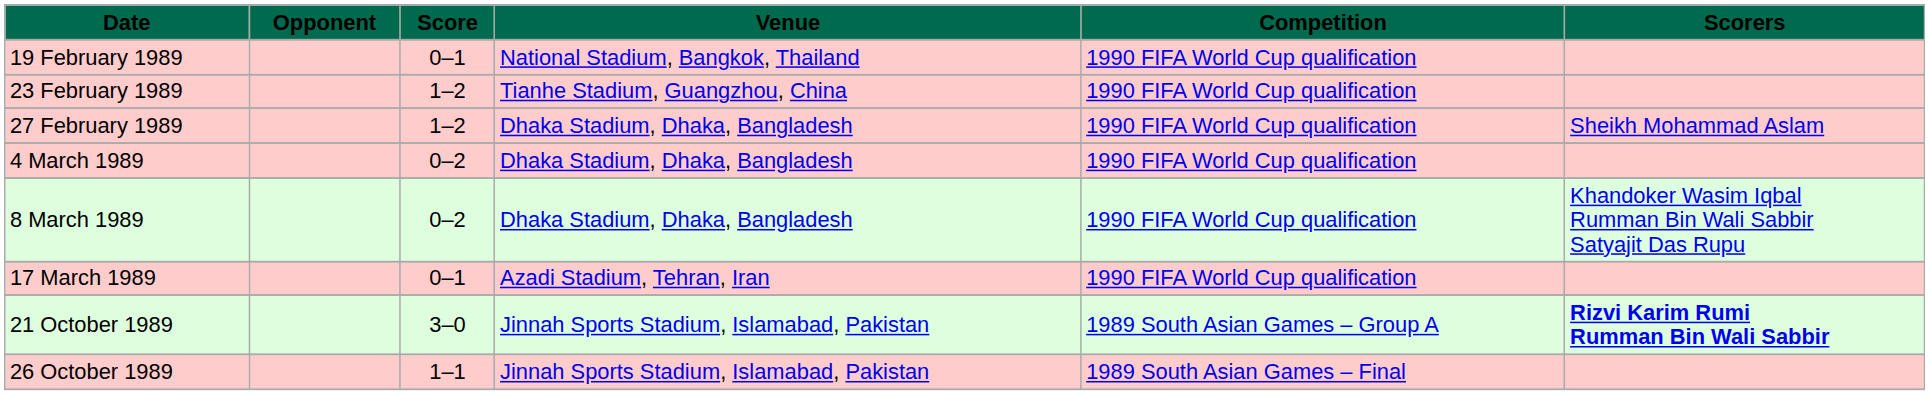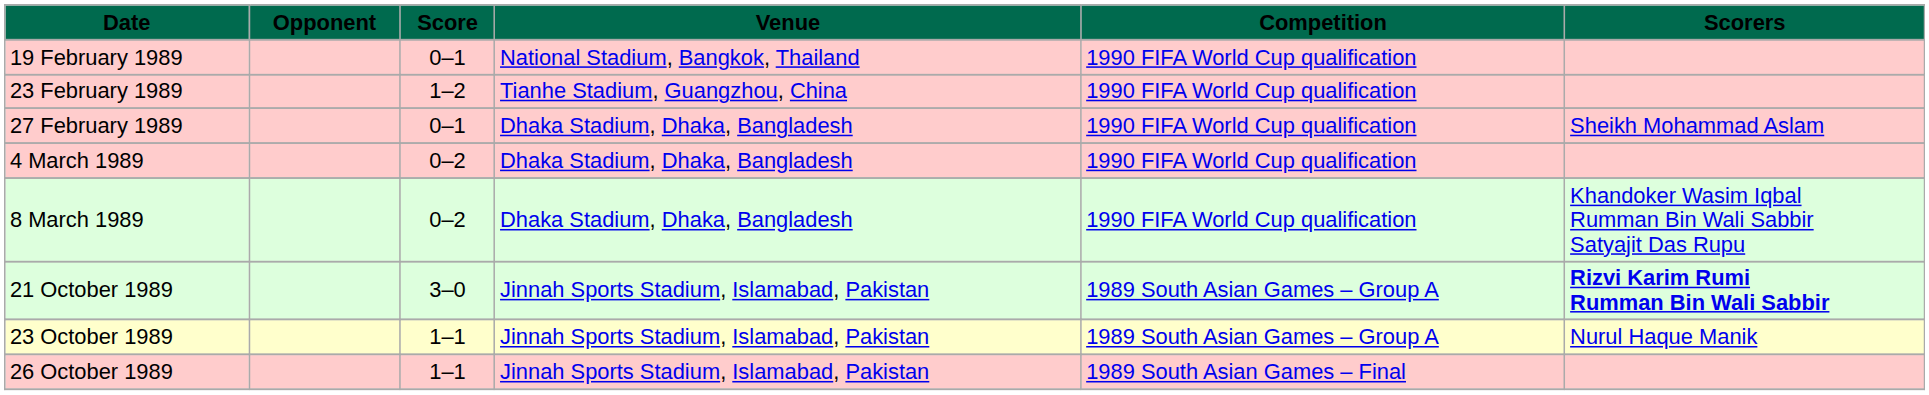 <table class="wikitable" width=100% style="text-align:left;font-size:90%;">
 <tr>
 <th style="background:#006a4e;"><span>Date</span></th>
 <th style="background:#006a4e;"><span>Opponent</span></th>
 <th style="background:#006a4e;"><span>Score</span></th>
 <th style="background:#006a4e;"><span>Venue</span></th>
 <th style="background:#006a4e;"><span>Competition</span></th>
 <th style="background:#006a4e;"><span>Scorers</span></th>
 </tr>
 <tr>
 </tr>
 <tr style="background:#fcc;">
 <td>19 February 1989</td>
 <td></td>
 <td style="text-align: center">0–1</td>
 <td> <a href='#'>National Stadium</a>, <a href='#'>Bangkok</a>, <a href='#'>Thailand</a></td>
 <td><a href='#'>1990 FIFA World Cup qualification</a></td>
 <td></td>
 </tr>
 <tr>
 </tr>
 <tr style="background:#fcc;">
 <td>23 February 1989</td>
 <td></td>
 <td style="text-align: center">1–2</td>
 <td> <a href='#'>Tianhe Stadium</a>, <a href='#'>Guangzhou</a>, <a href='#'>China</a></td>
 <td><a href='#'>1990 FIFA World Cup qualification</a></td>
 <td></td>
 </tr>
 <tr>
 </tr>
 <tr style="background:#fcc;">
 <td>27 February 1989</td>
 <td></td>
-<td style="text-align: center">1–2</td>
+<td style="text-align: center">0–1</td>
 <td> <a href='#'>Dhaka Stadium</a>, <a href='#'>Dhaka</a>, <a href='#'>Bangladesh</a></td>
 <td><a href='#'>1990 FIFA World Cup qualification</a></td>
 <td><a href='#'>Sheikh Mohammad Aslam</a> </td>
 </tr>
 <tr>
 </tr>
 <tr style="background:#fcc;">
 <td>4 March 1989</td>
 <td></td>
 <td style="text-align: center">0–2</td>
 <td> <a href='#'>Dhaka Stadium</a>, <a href='#'>Dhaka</a>, <a href='#'>Bangladesh</a></td>
 <td><a href='#'>1990 FIFA World Cup qualification</a></td>
 <td></td>
 </tr>
 <tr>
 </tr>
 <tr style="background:#dfd;">
 <td>8 March 1989</td>
 <td></td>
 <td style="text-align: center">0–2</td>
 <td> <a href='#'>Dhaka Stadium</a>, <a href='#'>Dhaka</a>, <a href='#'>Bangladesh</a></td>
 <td><a href='#'>1990 FIFA World Cup qualification</a></td>
 <td><a href='#'>Khandoker Wasim Iqbal</a>  <br> <a href='#'>Rumman Bin Wali Sabbir</a>  <br> <a href='#'>Satyajit Das Rupu</a> </td>
 </tr>
 <tr>
 </tr>
-<tr style="background:#fcc;">
-<td>17 March 1989</td>
-<td></td>
-<td style="text-align: center">0–1</td>
-<td> <a href='#'>Azadi Stadium</a>, <a href='#'>Tehran</a>, <a href='#'>Iran</a></td>
-<td><a href='#'>1990 FIFA World Cup qualification</a></td>
-<td></td>
-</tr>
 <tr>
 </tr>
 <tr style="background:#dfd;">
 <td>21 October 1989</td>
 <td></td>
 <td style="text-align: center">3–0</td>
 <td> <a href='#'>Jinnah Sports Stadium</a>, <a href='#'>Islamabad</a>, <a href='#'>Pakistan</a></td>
 <td><a href='#'>1989 South Asian Games – Group A</a></td>
 <td><strong><a href='#'>Rizvi Karim Rumi</a>  <br> <a href='#'>Rumman Bin Wali Sabbir</a> </strong></td>
 </tr>
 <tr>
+</tr>
+<tr style="background:#ffc;">
+<td>23 October 1989</td>
+<td></td>
+<td style="text-align: center">1–1</td>
+<td> <a href='#'>Jinnah Sports Stadium</a>, <a href='#'>Islamabad</a>, <a href='#'>Pakistan</a></td>
+<td><a href='#'>1989 South Asian Games – Group A</a></td>
+<td><a href='#'>Nurul Haque Manik</a> </td>
 </tr>
 <tr>
 </tr>
 <tr style="background:#fcc;">
 <td>26 October 1989</td>
 <td></td>
 <td style="text-align: center">1–1</td>
 <td> <a href='#'>Jinnah Sports Stadium</a>, <a href='#'>Islamabad</a>, <a href='#'>Pakistan</a></td>
 <td><a href='#'>1989 South Asian Games – Final</a></td>
 <td></td>
 </tr>
 <tr>
 </tr>
 </table>
